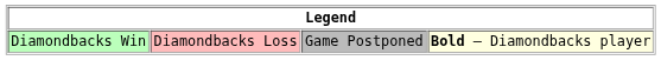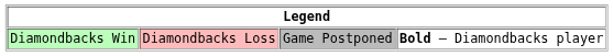 <table align="center" border="1" cellpadding="2" cellspacing="1" style="border:1px solid #aaa">
 <tr>
 <th colspan="4">Legend</th>
 </tr>
 <tr>
 <td style="background:#bfb;">Diamondbacks Win</td>
 <td style="background:#fbb;">Diamondbacks Loss</td>
 <td style="background:#bbb;">Game Postponed</td>
-<td style="background: lightyellow;"><strong>Bold</strong> – Diamondbacks player</td>
+<td><strong>Bold</strong> – Diamondbacks player</td>
 </tr>
 </table>
